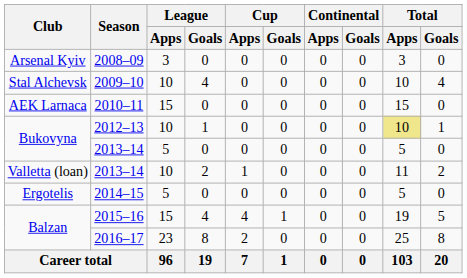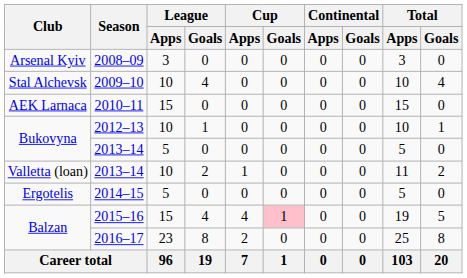 <table class="wikitable" style="text-align:center">
 <tr>
 <th rowspan="2">Club</th>
 <th rowspan="2">Season</th>
 <th colspan="2">League</th>
 <th colspan="2">Cup</th>
 <th colspan="2">Continental</th>
 <th colspan="2">Total</th>
 </tr>
 <tr>
 <th>Apps</th>
 <th>Goals</th>
 <th>Apps</th>
 <th>Goals</th>
 <th>Apps</th>
 <th>Goals</th>
 <th>Apps</th>
 <th>Goals</th>
 </tr>
 <tr>
 <td><a href='#'>Arsenal Kyiv</a></td>
 <td><a href='#'>2008–09</a></td>
 <td>3</td>
 <td>0</td>
 <td>0</td>
 <td>0</td>
 <td>0</td>
 <td>0</td>
 <td>3</td>
 <td>0</td>
 </tr>
 <tr>
 <td><a href='#'>Stal Alchevsk</a></td>
 <td><a href='#'>2009–10</a></td>
 <td>10</td>
 <td>4</td>
 <td>0</td>
 <td>0</td>
 <td>0</td>
 <td>0</td>
 <td>10</td>
 <td>4</td>
 </tr>
 <tr>
 <td><a href='#'>AEK Larnaca</a></td>
 <td><a href='#'>2010–11</a></td>
 <td>15</td>
 <td>0</td>
 <td>0</td>
 <td>0</td>
 <td>0</td>
 <td>0</td>
 <td>15</td>
 <td>0</td>
 </tr>
 <tr>
 <td rowspan="2"><a href='#'>Bukovyna</a></td>
 <td><a href='#'>2012–13</a></td>
 <td>10</td>
 <td>1</td>
 <td>0</td>
 <td>0</td>
 <td>0</td>
 <td>0</td>
-<td style="background: khaki;">10</td>
+<td>10</td>
 <td>1</td>
 </tr>
 <tr>
 <td><a href='#'>2013–14</a></td>
 <td>5</td>
 <td>0</td>
 <td>0</td>
 <td>0</td>
 <td>0</td>
 <td>0</td>
 <td>5</td>
 <td>0</td>
 </tr>
 <tr>
 <td rowspan="1"><a href='#'>Valletta</a> (loan)</td>
 <td><a href='#'>2013–14</a></td>
 <td>10</td>
 <td>2</td>
 <td>1</td>
 <td>0</td>
 <td>0</td>
 <td>0</td>
 <td>11</td>
 <td>2</td>
 </tr>
 <tr>
 <td rowspan="1"><a href='#'>Ergotelis</a></td>
 <td><a href='#'>2014–15</a></td>
 <td>5</td>
 <td>0</td>
 <td>0</td>
 <td>0</td>
 <td>0</td>
 <td>0</td>
 <td>5</td>
 <td>0</td>
 </tr>
 <tr>
 <td rowspan="2"><a href='#'>Balzan</a></td>
 <td><a href='#'>2015–16</a></td>
 <td>15</td>
 <td>4</td>
 <td>4</td>
-<td>1</td>
+<td style="background: pink;">1</td>
 <td>0</td>
 <td>0</td>
 <td>19</td>
 <td>5</td>
 </tr>
 <tr>
 <td><a href='#'>2016–17</a></td>
 <td>23</td>
 <td>8</td>
 <td>2</td>
 <td>0</td>
 <td>0</td>
 <td>0</td>
 <td>25</td>
 <td>8</td>
 </tr>
 <tr>
 <th colspan="2">Career total</th>
 <th>96</th>
 <th>19</th>
 <th>7</th>
 <th>1</th>
 <th>0</th>
 <th>0</th>
 <th>103</th>
 <th>20</th>
 </tr>
 </table>
